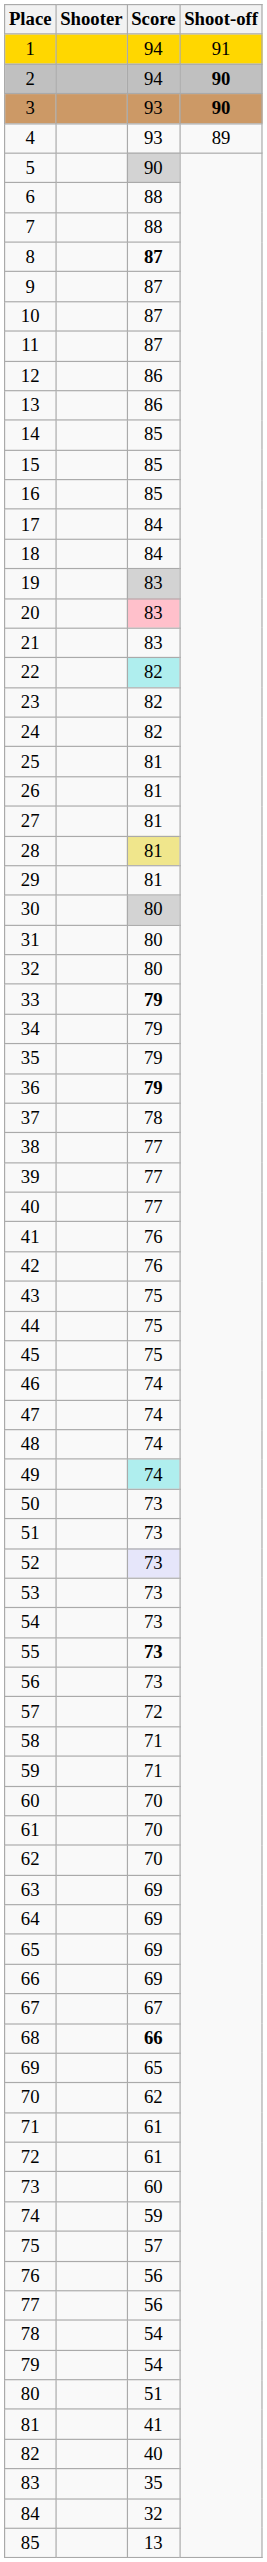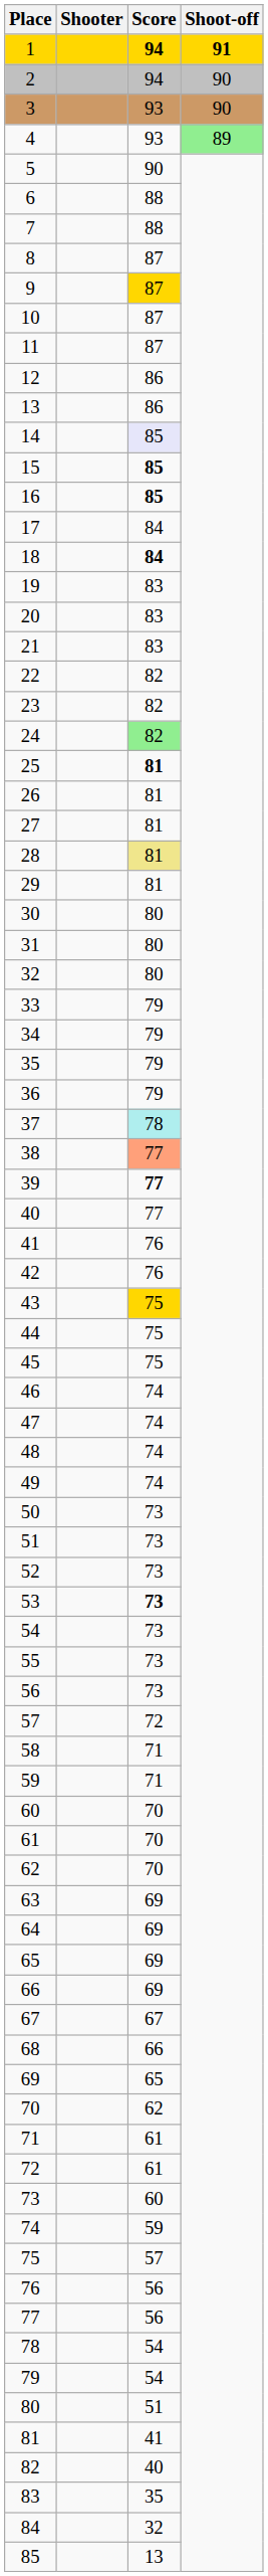 <table class=wikitable style="text-align:center">
 <tr>
 <th>Place</th>
 <th>Shooter</th>
 <th>Score</th>
 <th>Shoot-off</th>
 </tr>
 <tr bgcolor=gold>
 <td>1</td>
 <td align=left></td>
-<td>94</td>
-<td>91</td>
+<td><strong>94</strong></td>
+<td><strong>91</strong></td>
 </tr>
 <tr bgcolor=silver>
 <td>2</td>
 <td align=left></td>
 <td>94</td>
-<td><strong>90</strong></td>
+<td>90</td>
 </tr>
 <tr bgcolor=cc9966>
 <td>3</td>
 <td align=left></td>
 <td>93</td>
-<td><strong>90</strong></td>
+<td>90</td>
 </tr>
 <tr>
 <td>4</td>
 <td align=left></td>
 <td>93</td>
-<td>89</td>
+<td style="background: lightgreen;">89</td>
 </tr>
 <tr>
 <td>5</td>
 <td align=left></td>
-<td style="background: lightgrey;">90</td>
+<td>90</td>
 <td rowspan=81></td>
 </tr>
 <tr>
 <td>6</td>
 <td align=left></td>
 <td>88</td>
 </tr>
 <tr>
 <td>7</td>
 <td align=left></td>
 <td>88</td>
 </tr>
 <tr>
 <td>8</td>
 <td align=left></td>
-<td><strong>87</strong></td>
+<td>87</td>
 </tr>
 <tr>
 <td>9</td>
 <td align=left></td>
-<td>87</td>
+<td style="background: gold;">87</td>
 </tr>
 <tr>
 <td>10</td>
 <td align=left></td>
 <td>87</td>
 </tr>
 <tr>
 <td>11</td>
 <td align=left></td>
 <td>87</td>
 </tr>
 <tr>
 <td>12</td>
 <td align=left></td>
 <td>86</td>
 </tr>
 <tr>
 <td>13</td>
 <td align=left></td>
 <td>86</td>
 </tr>
 <tr>
 <td>14</td>
 <td align=left></td>
-<td>85</td>
+<td style="background: lavender;">85</td>
 </tr>
 <tr>
 <td>15</td>
 <td align=left></td>
-<td>85</td>
+<td><strong>85</strong></td>
 </tr>
 <tr>
 <td>16</td>
 <td align=left></td>
-<td>85</td>
+<td><strong>85</strong></td>
 </tr>
 <tr>
 <td>17</td>
 <td align=left></td>
 <td>84</td>
 </tr>
 <tr>
 <td>18</td>
 <td align=left></td>
-<td>84</td>
+<td><strong>84</strong></td>
 </tr>
 <tr>
 <td>19</td>
 <td align=left></td>
-<td style="background: lightgrey;">83</td>
+<td>83</td>
 </tr>
 <tr>
 <td>20</td>
 <td align=left></td>
-<td style="background: pink;">83</td>
+<td>83</td>
 </tr>
 <tr>
 <td>21</td>
 <td align=left></td>
 <td>83</td>
 </tr>
 <tr>
 <td>22</td>
 <td align=left></td>
-<td style="background: paleturquoise;">82</td>
+<td>82</td>
 </tr>
 <tr>
 <td>23</td>
 <td align=left></td>
 <td>82</td>
 </tr>
 <tr>
 <td>24</td>
 <td align=left></td>
-<td>82</td>
+<td style="background: lightgreen;">82</td>
 </tr>
 <tr>
 <td>25</td>
 <td align=left></td>
-<td>81</td>
+<td><strong>81</strong></td>
 </tr>
 <tr>
 <td>26</td>
 <td align=left></td>
 <td>81</td>
 </tr>
 <tr>
 <td>27</td>
 <td align=left></td>
 <td>81</td>
 </tr>
 <tr>
 <td>28</td>
 <td align=left></td>
 <td style="background: khaki;">81</td>
 </tr>
 <tr>
 <td>29</td>
 <td align=left></td>
 <td>81</td>
 </tr>
 <tr>
 <td>30</td>
 <td align=left></td>
-<td style="background: lightgrey;">80</td>
+<td>80</td>
 </tr>
 <tr>
 <td>31</td>
 <td align=left></td>
 <td>80</td>
 </tr>
 <tr>
 <td>32</td>
 <td align=left></td>
 <td>80</td>
 </tr>
 <tr>
 <td>33</td>
 <td align=left></td>
-<td><strong>79</strong></td>
+<td>79</td>
 </tr>
 <tr>
 <td>34</td>
 <td align=left></td>
 <td>79</td>
 </tr>
 <tr>
 <td>35</td>
 <td align=left></td>
 <td>79</td>
 </tr>
 <tr>
 <td>36</td>
 <td align=left></td>
-<td><strong>79</strong></td>
+<td>79</td>
 </tr>
 <tr>
 <td>37</td>
 <td align=left></td>
-<td>78</td>
+<td style="background: paleturquoise;">78</td>
 </tr>
 <tr>
 <td>38</td>
 <td align=left></td>
-<td>77</td>
+<td style="background: lightsalmon;">77</td>
 </tr>
 <tr>
 <td>39</td>
 <td align=left></td>
-<td>77</td>
+<td><strong>77</strong></td>
 </tr>
 <tr>
 <td>40</td>
 <td align=left></td>
 <td>77</td>
 </tr>
 <tr>
 <td>41</td>
 <td align=left></td>
 <td>76</td>
 </tr>
 <tr>
 <td>42</td>
 <td align=left></td>
 <td>76</td>
 </tr>
 <tr>
 <td>43</td>
 <td align=left></td>
-<td>75</td>
+<td style="background: gold;">75</td>
 </tr>
 <tr>
 <td>44</td>
 <td align=left></td>
 <td>75</td>
 </tr>
 <tr>
 <td>45</td>
 <td align=left></td>
 <td>75</td>
 </tr>
 <tr>
 <td>46</td>
 <td align=left></td>
 <td>74</td>
 </tr>
 <tr>
 <td>47</td>
 <td align=left></td>
 <td>74</td>
 </tr>
 <tr>
 <td>48</td>
 <td align=left></td>
 <td>74</td>
 </tr>
 <tr>
 <td>49</td>
 <td align=left></td>
-<td style="background: paleturquoise;">74</td>
+<td>74</td>
 </tr>
 <tr>
 <td>50</td>
 <td align=left></td>
 <td>73</td>
 </tr>
 <tr>
 <td>51</td>
 <td align=left></td>
 <td>73</td>
 </tr>
 <tr>
 <td>52</td>
 <td align=left></td>
-<td style="background: lavender;">73</td>
+<td>73</td>
 </tr>
 <tr>
 <td>53</td>
 <td align=left></td>
-<td>73</td>
+<td><strong>73</strong></td>
 </tr>
 <tr>
 <td>54</td>
 <td align=left></td>
 <td>73</td>
 </tr>
 <tr>
 <td>55</td>
 <td align=left></td>
-<td><strong>73</strong></td>
+<td>73</td>
 </tr>
 <tr>
 <td>56</td>
 <td align=left></td>
 <td>73</td>
 </tr>
 <tr>
 <td>57</td>
 <td align=left></td>
 <td>72</td>
 </tr>
 <tr>
 <td>58</td>
 <td align=left></td>
 <td>71</td>
 </tr>
 <tr>
 <td>59</td>
 <td align=left></td>
 <td>71</td>
 </tr>
 <tr>
 <td>60</td>
 <td align=left></td>
 <td>70</td>
 </tr>
 <tr>
 <td>61</td>
 <td align=left></td>
 <td>70</td>
 </tr>
 <tr>
 <td>62</td>
 <td align=left></td>
 <td>70</td>
 </tr>
 <tr>
 <td>63</td>
 <td align=left></td>
 <td>69</td>
 </tr>
 <tr>
 <td>64</td>
 <td align=left></td>
 <td>69</td>
 </tr>
 <tr>
 <td>65</td>
 <td align=left></td>
 <td>69</td>
 </tr>
 <tr>
 <td>66</td>
 <td align=left></td>
 <td>69</td>
 </tr>
 <tr>
 <td>67</td>
 <td align=left></td>
 <td>67</td>
 </tr>
 <tr>
 <td>68</td>
 <td align=left></td>
-<td><strong>66</strong></td>
+<td>66</td>
 </tr>
 <tr>
 <td>69</td>
 <td align=left></td>
 <td>65</td>
 </tr>
 <tr>
 <td>70</td>
 <td align=left></td>
 <td>62</td>
 </tr>
 <tr>
 <td>71</td>
 <td align=left></td>
 <td>61</td>
 </tr>
 <tr>
 <td>72</td>
 <td align=left></td>
 <td>61</td>
 </tr>
 <tr>
 <td>73</td>
 <td align=left></td>
 <td>60</td>
 </tr>
 <tr>
 <td>74</td>
 <td align=left></td>
 <td>59</td>
 </tr>
 <tr>
 <td>75</td>
 <td align=left></td>
 <td>57</td>
 </tr>
 <tr>
 <td>76</td>
 <td align=left></td>
 <td>56</td>
 </tr>
 <tr>
 <td>77</td>
 <td align=left></td>
 <td>56</td>
 </tr>
 <tr>
 <td>78</td>
 <td align=left></td>
 <td>54</td>
 </tr>
 <tr>
 <td>79</td>
 <td align=left></td>
 <td>54</td>
 </tr>
 <tr>
 <td>80</td>
 <td align=left></td>
 <td>51</td>
 </tr>
 <tr>
 <td>81</td>
 <td align=left></td>
 <td>41</td>
 </tr>
 <tr>
 <td>82</td>
 <td align=left></td>
 <td>40</td>
 </tr>
 <tr>
 <td>83</td>
 <td align=left></td>
 <td>35</td>
 </tr>
 <tr>
 <td>84</td>
 <td align=left></td>
 <td>32</td>
 </tr>
 <tr>
 <td>85</td>
 <td align=left></td>
 <td>13</td>
 </tr>
 </table>
